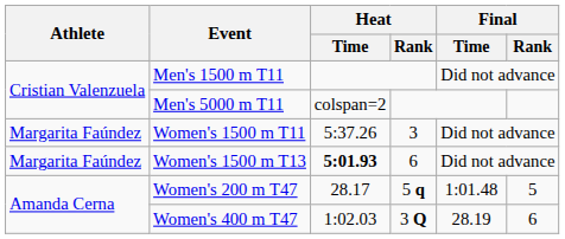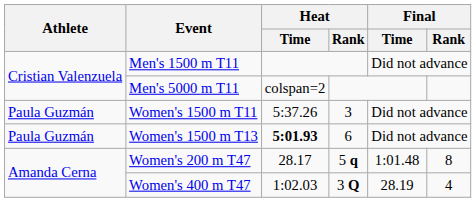 <table class=wikitable style="font-size:90%">
 <tr>
 <th rowspan="2">Athlete</th>
 <th rowspan="2">Event</th>
 <th colspan="2">Heat</th>
 <th colspan="2">Final</th>
 </tr>
 <tr style="font-size:95%">
 <th>Time</th>
 <th>Rank</th>
 <th>Time</th>
 <th>Rank</th>
 </tr>
 <tr align=center>
 <td rowspan=2 align=left><a href='#'>Cristian Valenzuela</a></td>
 <td align=left><a href='#'>Men's 1500 m T11</a></td>
 <td colspan=2></td>
 <td colspan=2>Did not advance</td>
 </tr>
 <tr align=center>
 <td align=left><a href='#'>Men's 5000 m T11</a></td>
 <td>colspan=2 </td>
 <td colspan=2></td>
 </tr>
 <tr align=center>
-<td align=left><a href='#'>Margarita Faúndez</a></td>
+<td align=left><a href='#'>Paula Guzmán</a></td>
 <td align=left><a href='#'>Women's 1500 m T11</a></td>
 <td>5:37.26</td>
 <td>3</td>
 <td colspan=2>Did not advance</td>
 </tr>
 <tr align=center>
-<td align=left><a href='#'>Margarita Faúndez</a></td>
+<td align=left><a href='#'>Paula Guzmán</a></td>
 <td align=left><a href='#'>Women's 1500 m T13</a></td>
 <td><strong>5:01.93</strong></td>
 <td>6</td>
 <td colspan=2>Did not advance</td>
 </tr>
 <tr align=center>
 <td rowspan=2 align=left><a href='#'>Amanda Cerna</a></td>
 <td align=left><a href='#'>Women's 200 m T47</a></td>
 <td>28.17</td>
 <td>5 <strong>q</strong></td>
 <td>1:01.48</td>
-<td>5</td>
+<td>8</td>
 </tr>
 <tr align=center>
 <td align=left><a href='#'>Women's 400 m T47</a></td>
 <td>1:02.03</td>
 <td>3 <strong>Q</strong></td>
 <td>28.19</td>
-<td>6</td>
+<td>4</td>
 </tr>
 </table>
